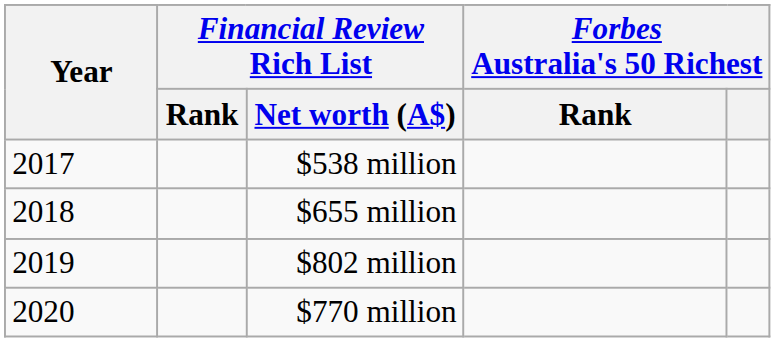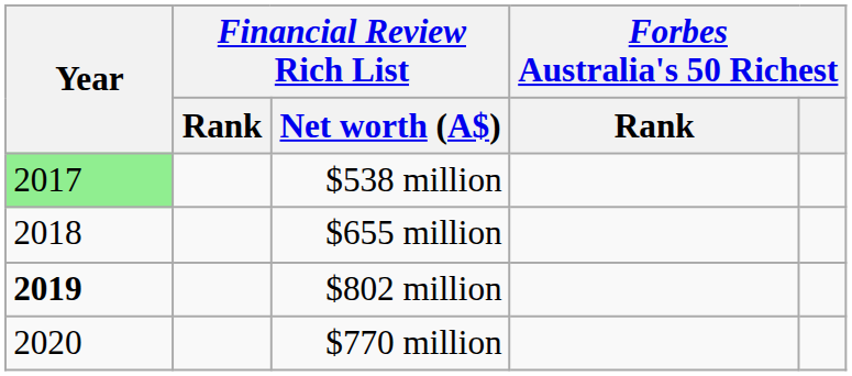 <table class="wikitable">
 <tr>
 <th rowspan=2>Year</th>
 <th colspan=2 width=40%><em><a href='#'>Financial Review</a></em><br><a href='#'>Rich List</a></th>
 <th colspan=2 width=40%><em><a href='#'>Forbes</a></em><br><a href='#'>Australia's 50 Richest</a></th>
 </tr>
 <tr>
 <th>Rank</th>
 <th><a href='#'>Net worth</a> (<a href='#'>A$</a>)</th>
 <th>Rank</th>
 <th></th>
 </tr>
 <tr>
-<td>2017</td>
+<td style="background: lightgreen;">2017</td>
 <td align="center"></td>
 <td align="right">$538 million </td>
 <td align="center"></td>
 <td align="right"></td>
 </tr>
 <tr>
 <td>2018</td>
 <td align="center"></td>
 <td align="right">$655 million </td>
 <td align="center"></td>
 <td align="right"></td>
 </tr>
 <tr>
-<td>2019</td>
+<td><strong>2019</strong></td>
 <td align="center"></td>
 <td align="right">$802 million </td>
 <td align="center"></td>
 <td align="right"></td>
 </tr>
 <tr>
 <td>2020</td>
 <td align="center"></td>
 <td align="right">$770 million </td>
 <td align="center"></td>
 <td align="right"></td>
 </tr>
 </table>
